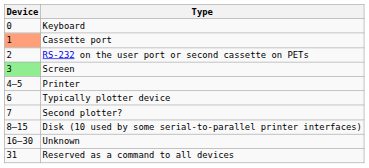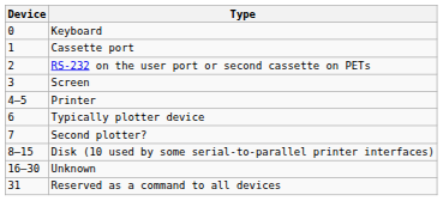 <table class="wikitable">
 <tr>
 <th>Device</th>
 <th>Type</th>
 </tr>
 <tr>
 <td>0</td>
 <td>Keyboard</td>
 </tr>
 <tr>
-<td style="background: lightsalmon;">1</td>
+<td>1</td>
 <td>Cassette port</td>
 </tr>
 <tr>
 <td>2</td>
 <td><a href='#'>RS-232</a> on the user port or second cassette on PETs</td>
 </tr>
 <tr>
-<td style="background: lightgreen;">3</td>
+<td>3</td>
 <td>Screen</td>
 </tr>
 <tr>
 <td>4–5</td>
 <td>Printer</td>
 </tr>
 <tr>
 <td>6</td>
 <td>Typically plotter device</td>
 </tr>
 <tr>
 <td>7</td>
 <td>Second plotter?</td>
 </tr>
 <tr>
 <td>8–15</td>
 <td>Disk (10 used by some serial-to-parallel printer interfaces)</td>
 </tr>
 <tr>
 <td>16–30</td>
 <td>Unknown</td>
 </tr>
 <tr>
 <td>31</td>
 <td>Reserved as a command to all devices</td>
 </tr>
 </table>
